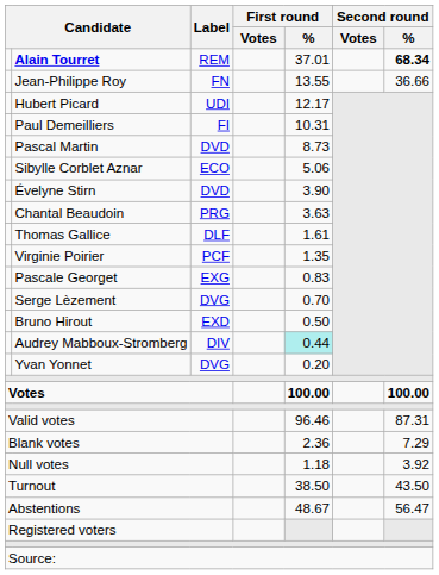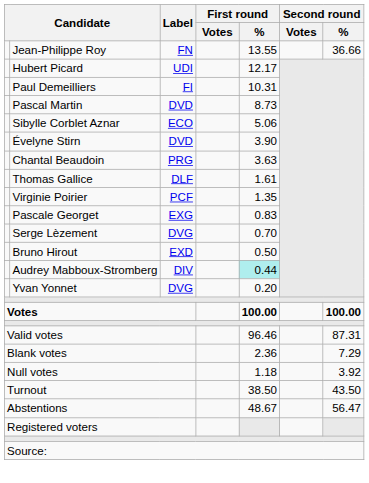 <table class="wikitable" style="text-align:right;font-size:95%;">
 <tr>
 <th colspan="2" rowspan="2">Candidate</th>
 <th rowspan="2">Label</th>
 <th colspan="2">First round</th>
 <th colspan="2">Second round</th>
 </tr>
 <tr>
 <th style="width:50px;">Votes</th>
 <th style="width:45px;">%</th>
 <th style="width:50px;">Votes</th>
 <th style="width:45px;">%</th>
-</tr>
-<tr>
-<td style="color:inherit;background:"></td>
-<td style="text-align:left;"><strong><a href='#'>Alain Tourret</a></strong></td>
-<td><a href='#'>REM</a></td>
-<td></td>
-<td>37.01</td>
-<td><strong></strong></td>
-<td><strong>68.34</strong></td>
 </tr>
 <tr>
 <td style="color:inherit;background:"></td>
 <td style="text-align:left;">Jean-Philippe Roy</td>
 <td><a href='#'>FN</a></td>
 <td></td>
 <td>13.55</td>
 <td></td>
 <td>36.66</td>
 </tr>
 <tr>
 <td style="color:inherit;background:"></td>
 <td style="text-align:left;">Hubert Picard</td>
 <td><a href='#'>UDI</a></td>
 <td></td>
 <td>12.17</td>
 <td colspan="2" rowspan="13" style="background:#E9E9E9;"></td>
 </tr>
 <tr>
 <td style="color:inherit;background:"></td>
 <td style="text-align:left;">Paul Demeilliers</td>
 <td><a href='#'>FI</a></td>
 <td></td>
 <td>10.31</td>
 </tr>
 <tr>
 <td style="color:inherit;background:"></td>
 <td style="text-align:left;">Pascal Martin</td>
 <td><a href='#'>DVD</a></td>
 <td></td>
 <td>8.73</td>
 </tr>
 <tr>
 <td style="color:inherit;background:"></td>
 <td style="text-align:left;">Sibylle Corblet Aznar</td>
 <td><a href='#'>ECO</a></td>
 <td></td>
 <td>5.06</td>
 </tr>
 <tr>
 <td style="color:inherit;background:"></td>
 <td style="text-align:left;">Évelyne Stirn</td>
 <td><a href='#'>DVD</a></td>
 <td></td>
 <td>3.90</td>
 </tr>
 <tr>
 <td style="color:inherit;background:"></td>
 <td style="text-align:left;">Chantal Beaudoin</td>
 <td><a href='#'>PRG</a></td>
 <td></td>
 <td>3.63</td>
 </tr>
 <tr>
 <td style="color:inherit;background:"></td>
 <td style="text-align:left;">Thomas Gallice</td>
 <td><a href='#'>DLF</a></td>
 <td></td>
 <td>1.61</td>
 </tr>
 <tr>
 <td style="color:inherit;background:"></td>
 <td style="text-align:left;">Virginie Poirier</td>
 <td><a href='#'>PCF</a></td>
 <td></td>
 <td>1.35</td>
 </tr>
 <tr>
 <td style="color:inherit;background:"></td>
 <td style="text-align:left;">Pascale Georget</td>
 <td><a href='#'>EXG</a></td>
 <td></td>
 <td>0.83</td>
 </tr>
 <tr>
 <td style="color:inherit;background:"></td>
 <td style="text-align:left;">Serge Lèzement</td>
 <td><a href='#'>DVG</a></td>
 <td></td>
 <td>0.70</td>
 </tr>
 <tr>
 <td style="color:inherit;background:"></td>
 <td style="text-align:left;">Bruno Hirout</td>
 <td><a href='#'>EXD</a></td>
 <td></td>
 <td>0.50</td>
 </tr>
 <tr>
 <td style="color:inherit;background:"></td>
 <td style="text-align:left;">Audrey Mabboux-Stromberg</td>
 <td><a href='#'>DIV</a></td>
 <td></td>
 <td style="background: paleturquoise;">0.44</td>
 </tr>
 <tr>
 <td style="color:inherit;background:"></td>
 <td style="text-align:left;">Yvan Yonnet</td>
 <td><a href='#'>DVG</a></td>
 <td></td>
 <td>0.20</td>
 </tr>
 <tr>
 <td colspan="7" style="background:#E9E9E9;"></td>
 </tr>
 <tr style="font-weight:bold;">
 <td colspan="3" style="text-align:left;">Votes</td>
 <td></td>
 <td>100.00</td>
 <td></td>
 <td>100.00</td>
 </tr>
 <tr>
 <td colspan="7" style="background:#E9E9E9;"></td>
 </tr>
 <tr>
 <td colspan="3" style="text-align:left;">Valid votes</td>
 <td></td>
 <td>96.46</td>
 <td></td>
 <td>87.31</td>
 </tr>
 <tr>
 <td colspan="3" style="text-align:left;">Blank votes</td>
 <td></td>
 <td>2.36</td>
 <td></td>
 <td>7.29</td>
 </tr>
 <tr>
 <td colspan="3" style="text-align:left;">Null votes</td>
 <td></td>
 <td>1.18</td>
 <td></td>
 <td>3.92</td>
 </tr>
 <tr>
 <td colspan="3" style="text-align:left;">Turnout</td>
 <td></td>
 <td>38.50</td>
 <td></td>
 <td>43.50</td>
 </tr>
 <tr>
 <td colspan="3" style="text-align:left;">Abstentions</td>
 <td></td>
 <td>48.67</td>
 <td></td>
 <td>56.47</td>
 </tr>
 <tr>
 <td colspan="3" style="text-align:left;">Registered voters</td>
 <td></td>
 <td style="color:inherit;background:#E9E9E9;"></td>
 <td></td>
 <td style="color:inherit;background:#E9E9E9;"></td>
 </tr>
 <tr>
 <td colspan="7" style="background:#E9E9E9;"></td>
 </tr>
 <tr>
 <td colspan="7" style="text-align:left;">Source: </td>
 </tr>
 </table>
